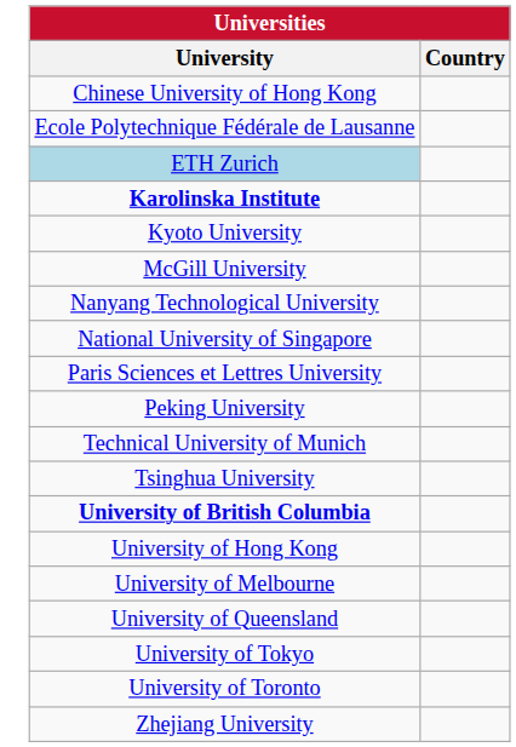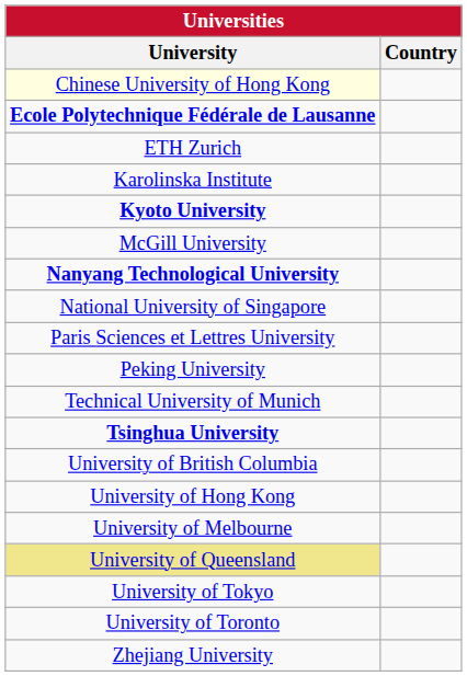 <table class="wikitable sortable collapsible collapsed" style="float:right; text-align:center">
 <tr>
 <th colspan=4 style="background:#C8102E; color:#FFFFFF; "> Universities</th>
 </tr>
 <tr>
 <th>University</th>
 <th>Country</th>
 </tr>
 <tr>
-<td><a href='#'>Chinese University of Hong Kong</a></td>
+<td style="background: lightyellow;"><a href='#'>Chinese University of Hong Kong</a></td>
 <td></td>
 </tr>
 <tr>
-<td><a href='#'>Ecole Polytechnique Fédérale de Lausanne</a></td>
+<td><strong><a href='#'>Ecole Polytechnique Fédérale de Lausanne</a></strong></td>
 <td></td>
 </tr>
 <tr>
-<td style="background: lightblue;"><a href='#'>ETH Zurich</a></td>
+<td><a href='#'>ETH Zurich</a></td>
 <td></td>
 </tr>
 <tr>
-<td><strong><a href='#'>Karolinska Institute</a></strong></td>
+<td><a href='#'>Karolinska Institute</a></td>
 <td></td>
 </tr>
 <tr>
-<td><a href='#'>Kyoto University</a></td>
+<td><strong><a href='#'>Kyoto University</a></strong></td>
 <td></td>
 </tr>
 <tr>
 <td><a href='#'>McGill University</a></td>
 <td></td>
 </tr>
 <tr>
-<td><a href='#'>Nanyang Technological University</a></td>
+<td><strong><a href='#'>Nanyang Technological University</a></strong></td>
 <td></td>
 </tr>
 <tr>
 <td><a href='#'>National University of Singapore</a></td>
 <td></td>
 </tr>
 <tr>
 <td><a href='#'>Paris Sciences et Lettres University</a></td>
 <td></td>
 </tr>
 <tr>
 <td><a href='#'>Peking University</a></td>
 <td></td>
 </tr>
 <tr>
 <td><a href='#'>Technical University of Munich</a></td>
 <td></td>
 </tr>
 <tr>
-<td><a href='#'>Tsinghua University</a></td>
+<td><strong><a href='#'>Tsinghua University</a></strong></td>
 <td></td>
 </tr>
 <tr>
-<td><strong><a href='#'>University of British Columbia</a></strong></td>
+<td><a href='#'>University of British Columbia</a></td>
 <td></td>
 </tr>
 <tr>
 <td><a href='#'>University of Hong Kong</a></td>
 <td></td>
 </tr>
 <tr>
 <td><a href='#'>University of Melbourne</a></td>
 <td></td>
 </tr>
 <tr>
-<td><a href='#'>University of Queensland</a></td>
+<td style="background: khaki;"><a href='#'>University of Queensland</a></td>
 <td></td>
 </tr>
 <tr>
 <td><a href='#'>University of Tokyo</a></td>
 <td></td>
 </tr>
 <tr>
 <td><a href='#'>University of Toronto</a></td>
 <td></td>
 </tr>
 <tr>
 <td><a href='#'>Zhejiang University</a></td>
 <td></td>
 </tr>
 </table>
